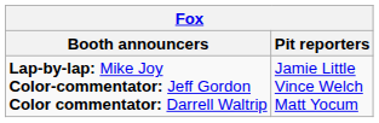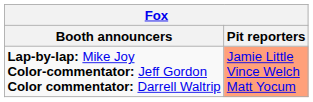 <table class="wikitable" style="font-size: 95%">
 <tr>
 <th colspan="2"><a href='#'>Fox</a></th>
 </tr>
 <tr>
 <th>Booth announcers</th>
 <th>Pit reporters</th>
 </tr>
 <tr>
 <td><strong>Lap-by-lap:</strong> <a href='#'>Mike Joy</a><br><strong>Color-commentator:</strong> <a href='#'>Jeff Gordon</a><br><strong>Color commentator:</strong> <a href='#'>Darrell Waltrip</a></td>
-<td><a href='#'>Jamie Little</a><br><a href='#'>Vince Welch</a><br><a href='#'>Matt Yocum</a></td>
+<td style="background: lightsalmon;"><a href='#'>Jamie Little</a><br><a href='#'>Vince Welch</a><br><a href='#'>Matt Yocum</a></td>
 </tr>
 </table>
